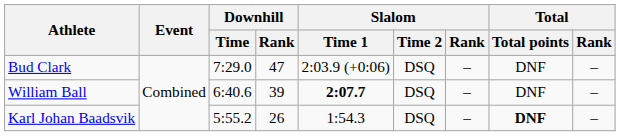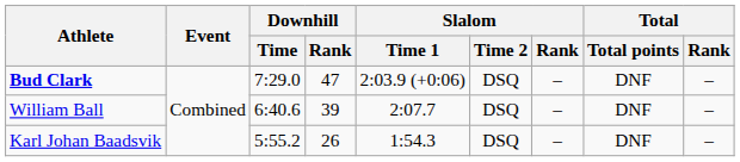 <table class="wikitable" style="font-size:90%">
 <tr>
 <th rowspan="2">Athlete</th>
 <th rowspan="2">Event</th>
 <th colspan="2">Downhill</th>
 <th colspan="3">Slalom</th>
 <th colspan="2">Total</th>
 </tr>
 <tr>
 <th>Time</th>
 <th>Rank</th>
 <th>Time 1</th>
 <th>Time 2</th>
 <th>Rank</th>
 <th>Total points</th>
 <th>Rank</th>
 </tr>
 <tr>
-<td><a href='#'>Bud Clark</a></td>
+<td><strong><a href='#'>Bud Clark</a></strong></td>
 <td rowspan="3">Combined</td>
 <td align="center">7:29.0</td>
 <td align="center">47</td>
 <td align="center">2:03.9 (+0:06)</td>
 <td align="center">DSQ</td>
 <td align="center">–</td>
 <td align="center">DNF</td>
 <td align="center">–</td>
 </tr>
 <tr>
 <td><a href='#'>William Ball</a></td>
 <td align="center">6:40.6</td>
 <td align="center">39</td>
-<td align="center"><strong>2:07.7</strong></td>
+<td align="center">2:07.7</td>
 <td align="center">DSQ</td>
 <td align="center">–</td>
 <td align="center">DNF</td>
 <td align="center">–</td>
 </tr>
 <tr>
 <td><a href='#'>Karl Johan Baadsvik</a></td>
 <td align="center">5:55.2</td>
 <td align="center">26</td>
 <td align="center">1:54.3</td>
 <td align="center">DSQ</td>
 <td align="center">–</td>
-<td align="center"><strong>DNF</strong></td>
+<td align="center">DNF</td>
 <td align="center">–</td>
 </tr>
 </table>
